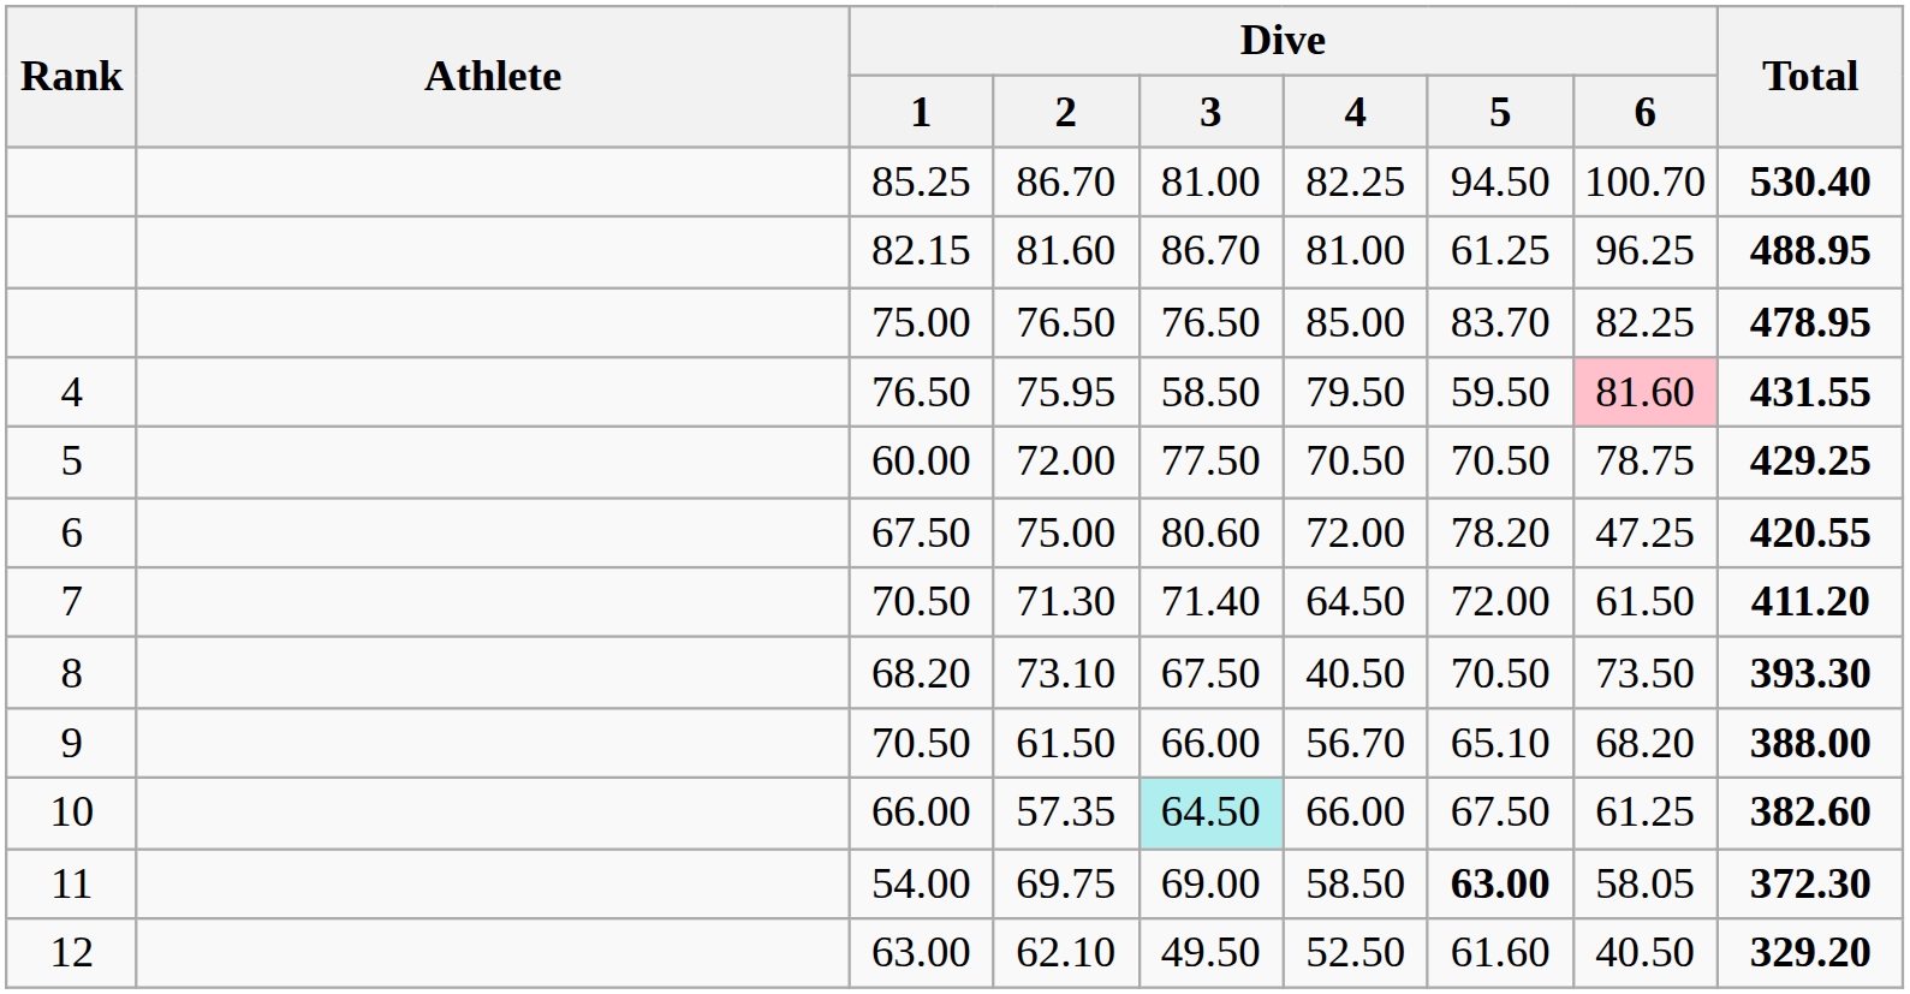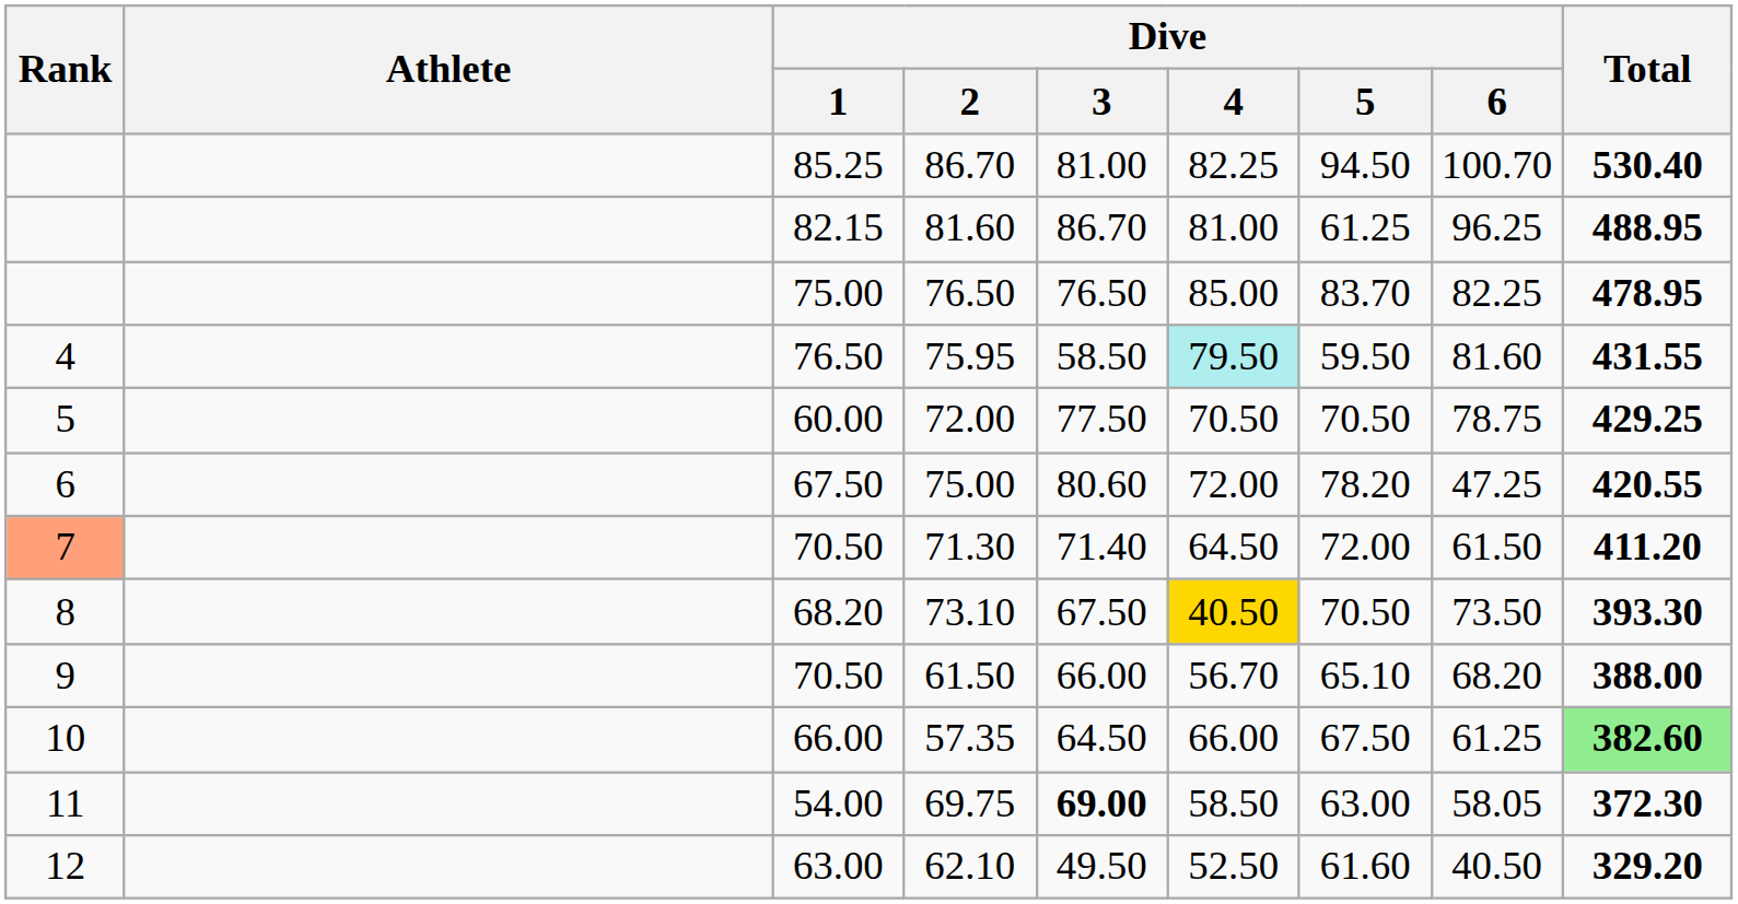 <table class=wikitable style="text-align:center">
 <tr>
 <th rowspan="2" width=40>Rank</th>
 <th rowspan="2" width=250>Athlete</th>
 <th colspan="6">Dive</th>
 <th rowspan="2" width=60>Total</th>
 </tr>
 <tr>
 <th width=45>1</th>
 <th width=45>2</th>
 <th width=45>3</th>
 <th width=45>4</th>
 <th width=45>5</th>
 <th width=45>6</th>
 </tr>
 <tr>
 <td></td>
 <td align=left></td>
 <td>85.25</td>
 <td>86.70</td>
 <td>81.00</td>
 <td>82.25</td>
 <td>94.50</td>
 <td>100.70</td>
 <td><strong>530.40</strong></td>
 </tr>
 <tr>
 <td></td>
 <td align=left></td>
 <td>82.15</td>
 <td>81.60</td>
 <td>86.70</td>
 <td>81.00</td>
 <td>61.25</td>
 <td>96.25</td>
 <td><strong>488.95</strong></td>
 </tr>
 <tr>
 <td></td>
 <td align=left></td>
 <td>75.00</td>
 <td>76.50</td>
 <td>76.50</td>
 <td>85.00</td>
 <td>83.70</td>
 <td>82.25</td>
 <td><strong>478.95</strong></td>
 </tr>
 <tr>
 <td>4</td>
 <td align=left></td>
 <td>76.50</td>
 <td>75.95</td>
 <td>58.50</td>
-<td>79.50</td>
+<td style="background: paleturquoise;">79.50</td>
 <td>59.50</td>
-<td style="background: pink;">81.60</td>
+<td>81.60</td>
 <td><strong>431.55</strong></td>
 </tr>
 <tr>
 <td>5</td>
 <td align=left></td>
 <td>60.00</td>
 <td>72.00</td>
 <td>77.50</td>
 <td>70.50</td>
 <td>70.50</td>
 <td>78.75</td>
 <td><strong>429.25</strong></td>
 </tr>
 <tr>
 <td>6</td>
 <td align=left></td>
 <td>67.50</td>
 <td>75.00</td>
 <td>80.60</td>
 <td>72.00</td>
 <td>78.20</td>
 <td>47.25</td>
 <td><strong>420.55</strong></td>
 </tr>
 <tr>
-<td>7</td>
+<td style="background: lightsalmon;">7</td>
 <td align=left></td>
 <td>70.50</td>
 <td>71.30</td>
 <td>71.40</td>
 <td>64.50</td>
 <td>72.00</td>
 <td>61.50</td>
 <td><strong>411.20</strong></td>
 </tr>
 <tr>
 <td>8</td>
 <td align=left></td>
 <td>68.20</td>
 <td>73.10</td>
 <td>67.50</td>
-<td>40.50</td>
+<td style="background: gold;">40.50</td>
 <td>70.50</td>
 <td>73.50</td>
 <td><strong>393.30</strong></td>
 </tr>
 <tr>
 <td>9</td>
 <td align=left></td>
 <td>70.50</td>
 <td>61.50</td>
 <td>66.00</td>
 <td>56.70</td>
 <td>65.10</td>
 <td>68.20</td>
 <td><strong>388.00</strong></td>
 </tr>
 <tr>
 <td>10</td>
 <td align=left></td>
 <td>66.00</td>
 <td>57.35</td>
-<td style="background: paleturquoise;">64.50</td>
+<td>64.50</td>
 <td>66.00</td>
 <td>67.50</td>
 <td>61.25</td>
-<td><strong>382.60</strong></td>
+<td style="background: lightgreen;"><strong>382.60</strong></td>
 </tr>
 <tr>
 <td>11</td>
 <td align=left></td>
 <td>54.00</td>
 <td>69.75</td>
-<td>69.00</td>
+<td><strong>69.00</strong></td>
 <td>58.50</td>
-<td><strong>63.00</strong></td>
+<td>63.00</td>
 <td>58.05</td>
 <td><strong>372.30</strong></td>
 </tr>
 <tr>
 <td>12</td>
 <td align=left></td>
 <td>63.00</td>
 <td>62.10</td>
 <td>49.50</td>
 <td>52.50</td>
 <td>61.60</td>
 <td>40.50</td>
 <td><strong>329.20</strong></td>
 </tr>
 </table>
